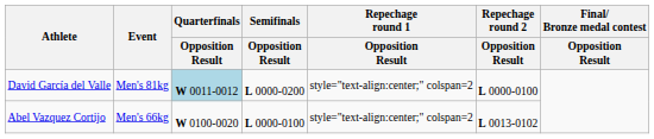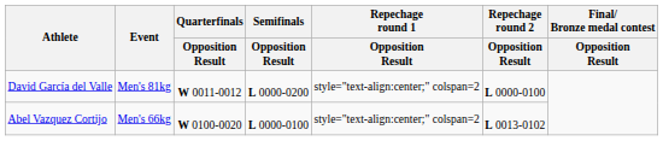 <table class= wikitable style="font-size:90%">
 <tr>
 <th rowspan="2">Athlete</th>
 <th rowspan="2">Event</th>
 <th>Quarterfinals</th>
 <th>Semifinals</th>
 <th>Repechage <br>round 1</th>
 <th>Repechage <br>round 2</th>
 <th>Final/<br>Bronze medal contest</th>
 </tr>
 <tr>
 <th>Opposition<br>Result</th>
 <th>Opposition<br>Result</th>
 <th>Opposition<br>Result</th>
 <th>Opposition<br>Result</th>
 <th>Opposition<br>Result</th>
 </tr>
 <tr>
 <td><a href='#'>David García del Valle</a></td>
 <td style="text-align:center;"><a href='#'>Men's 81kg</a></td>
-<td style="background: lightblue; text-align:center;"><br> <strong>W</strong> 0011-0012</td>
+<td style="text-align:center;"><br> <strong>W</strong> 0011-0012</td>
 <td style="text-align:center;"><br><strong>L</strong> 0000-0200</td>
 <td>style="text-align:center;" colspan=2 </td>
 <td style="text-align:center;"><br> <strong>L</strong> 0000-0100</td>
 </tr>
 <tr>
 <td><a href='#'>Abel Vazquez Cortijo</a></td>
 <td style="text-align:center;"><a href='#'>Men's 66kg</a></td>
 <td style="text-align:center;"><br><strong>W</strong> 0100-0020</td>
 <td style="text-align:center;"><br> <strong>L</strong> 0000-0100</td>
 <td>style="text-align:center;" colspan=2 </td>
 <td style="text-align:center;"><br><strong>L</strong> 0013-0102</td>
 </tr>
 </table>
